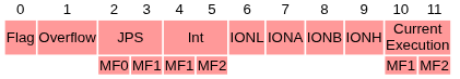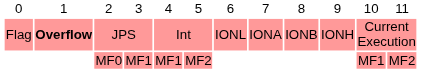 <table>
 <tr>
 <td style="width:2em; text-align:center;">0</td>
 <td style="width:2em; text-align:center;">1</td>
 <td style="width:2em; text-align:center;">2</td>
 <td style="width:2em; text-align:center;">3</td>
 <td style="width:2em; text-align:center;">4</td>
 <td style="width:2em; text-align:center;">5</td>
 <td style="width:2em; text-align:center;">6</td>
 <td style="width:2em; text-align:center;">7</td>
 <td style="width:2em; text-align:center;">8</td>
 <td style="width:2em; text-align:center;">9</td>
 <td style="width:2em; text-align:center;">10</td>
 <td style="width:2em; text-align:center;">11</td>
 </tr>
 <tr>
 <td colspan="1" style="text-align:center; background-color:#FF9999;">Flag</td>
-<td colspan="1" style="text-align:center; background-color:#FF9999;">Overflow</td>
+<td colspan="1" style="text-align:center; background-color:#FF9999;"><strong>Overflow</strong></td>
 <td colspan="2" style="text-align:center; background-color:#FF9999;">JPS</td>
 <td colspan="2" style="text-align:center; background-color:#FF9999;">Int</td>
 <td colspan="1" style="text-align:center; background-color:#FF9999;">IONL</td>
 <td colspan="1" style="text-align:center; background-color:#FF9999;">IONA</td>
 <td colspan="1" style="text-align:center; background-color:#FF9999;">IONB</td>
 <td colspan="1" style="text-align:center; background-color:#FF9999;">IONH</td>
 <td colspan="2" style="text-align:center; background-color:#FF9999;">Current Execution</td>
 </tr>
 <tr>
 <td colspan="2"></td>
 <td colspan="1" style="text-align:center; background-color:#FF9999;">MF0</td>
 <td colspan="1" style="text-align:center; background-color:#FF9999;">MF1</td>
 <td colspan="1" style="text-align:center; background-color:#FF9999;">MF1</td>
 <td colspan="1" style="text-align:center; background-color:#FF9999;">MF2</td>
 <td colspan="4"></td>
 <td colspan="1" style="text-align:center; background-color:#FF9999;">MF1</td>
 <td colspan="1" style="text-align:center; background-color:#FF9999;">MF2</td>
 </tr>
 </table>
